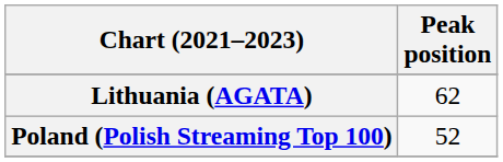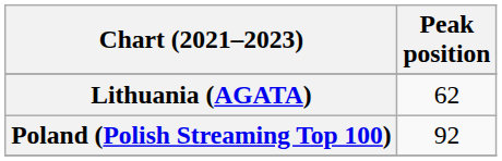 <table class="wikitable sortable plainrowheaders" style="text-align:center">
 <tr>
 <th>Chart (2021–2023)</th>
 <th>Peak<br>position</th>
 </tr>
 <tr>
 </tr>
 <tr>
 </tr>
 <tr>
 <th scope="row">Lithuania (<a href='#'>AGATA</a>)</th>
 <td>62</td>
 </tr>
 <tr>
 <th scope="row">Poland (<a href='#'>Polish Streaming Top 100</a>)</th>
-<td>52</td>
+<td>92</td>
 </tr>
 <tr>
 </tr>
 </table>
